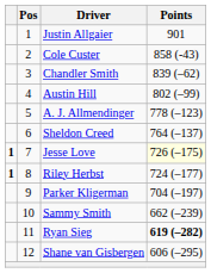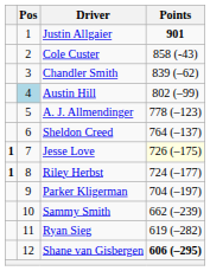 <table class="wikitable" style="font-size: 95%;">
 <tr>
 <th></th>
 <th>Pos</th>
 <th>Driver</th>
 <th>Points</th>
 </tr>
 <tr>
 <td align="left"></td>
 <td style="text-align:center;">1</td>
 <td><a href='#'>Justin Allgaier</a></td>
-<td style="text-align:center;">901</td>
+<td style="text-align:center;"><strong>901</strong></td>
 </tr>
 <tr>
 <td align="left"></td>
 <td style="text-align:center;">2</td>
 <td><a href='#'>Cole Custer</a></td>
 <td style="text-align:center;">858 (-43)</td>
 </tr>
 <tr>
 <td align="left"></td>
 <td style="text-align:center;">3</td>
 <td><a href='#'>Chandler Smith</a></td>
 <td style="text-align:center;">839 (–62)</td>
 </tr>
 <tr>
 <td align="left"></td>
-<td style="text-align:center;">4</td>
+<td style="background: lightblue; text-align:center;">4</td>
 <td><a href='#'>Austin Hill</a></td>
 <td style="text-align:center;">802 (–99)</td>
 </tr>
 <tr>
 <td align="left"></td>
 <td style="text-align:center;">5</td>
 <td><a href='#'>A. J. Allmendinger</a></td>
 <td style="text-align:center;">778 (–123)</td>
 </tr>
 <tr>
 <td align="left"></td>
 <td style="text-align:center;">6</td>
 <td><a href='#'>Sheldon Creed</a></td>
 <td style="text-align:center;">764 (–137)</td>
 </tr>
 <tr>
 <td align="left"> <strong>1</strong></td>
 <td style="text-align:center;">7</td>
 <td><a href='#'>Jesse Love</a></td>
 <td style="background: lightyellow; text-align:center;">726 (–175)</td>
 </tr>
 <tr>
 <td align="left"> <strong>1</strong></td>
 <td style="text-align:center;">8</td>
 <td><a href='#'>Riley Herbst</a></td>
 <td style="text-align:center;">724 (–177)</td>
 </tr>
 <tr>
 <td align="left"></td>
 <td style="text-align:center;">9</td>
 <td><a href='#'>Parker Kligerman</a></td>
 <td style="text-align:center;">704 (–197)</td>
 </tr>
 <tr>
 <td align="left"></td>
 <td style="text-align:center;">10</td>
 <td><a href='#'>Sammy Smith</a></td>
 <td style="text-align:center;">662 (–239)</td>
 </tr>
 <tr>
 <td align="left"></td>
 <td style="text-align:center;">11</td>
 <td><a href='#'>Ryan Sieg</a></td>
-<td style="text-align:center;"><strong>619 (–282)</strong></td>
+<td style="text-align:center;">619 (–282)</td>
 </tr>
 <tr>
 <td align="left"></td>
 <td style="text-align:center;">12</td>
 <td><a href='#'>Shane van Gisbergen</a></td>
-<td style="text-align:center;">606 (–295)</td>
+<td style="text-align:center;"><strong>606 (–295)</strong></td>
 </tr>
 <tr class="sortbottom">
 <th colspan="9"></th>
 </tr>
 </table>
